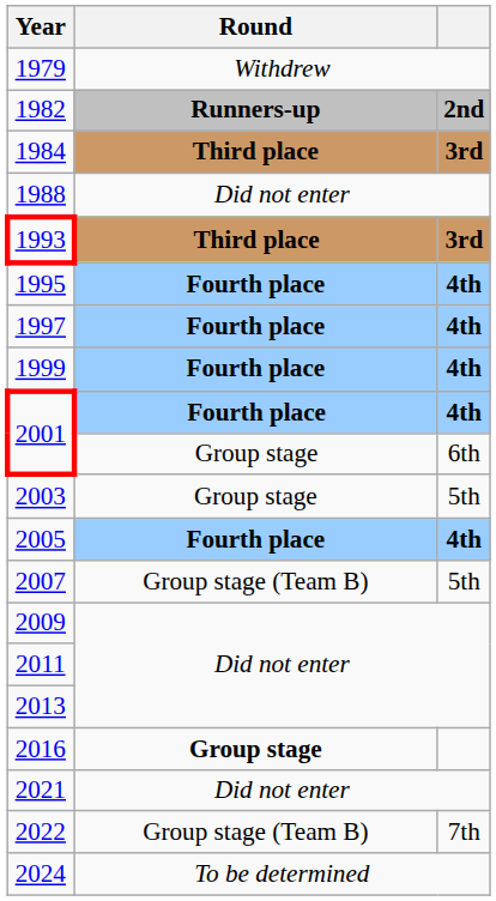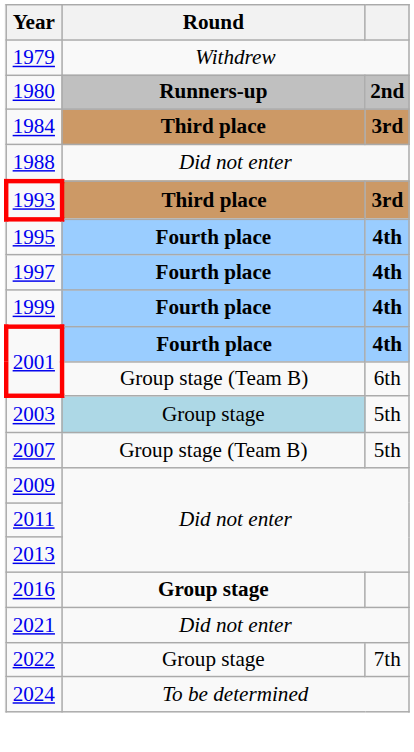 <table class="wikitable" style="text-align: center; font-size:90%">
 <tr>
 <th>Year</th>
 <th style="width:200px">Round</th>
 <th></th>
 </tr>
 <tr>
 <td><a href='#'>1979</a></td>
 <td colspan="2"><em>Withdrew</em></td>
 </tr>
 <tr>
-<td><a href='#'>1982</a></td>
+<td><a href='#'>1980</a></td>
 <td bgcolor=Silver><strong>Runners-up</strong></td>
 <td bgcolor=Silver><strong>2nd</strong></td>
 </tr>
 <tr>
 <td><a href='#'>1984</a></td>
 <td bgcolor="cc9966"><strong>Third place</strong></td>
 <td bgcolor="cc9966"><strong>3rd</strong></td>
 </tr>
 <tr>
 <td><a href='#'>1988</a></td>
 <td colspan="2"><em>Did not enter</em></td>
 </tr>
 <tr>
 <td style="border: 3px solid red"><a href='#'>1993</a></td>
 <td bgcolor="cc9966"><strong>Third place</strong></td>
 <td bgcolor="cc9966"><strong>3rd</strong></td>
 </tr>
 <tr>
 <td><a href='#'>1995</a></td>
 <td bgcolor="9acdff"><strong>Fourth place</strong></td>
 <td bgcolor="9acdff"><strong>4th</strong></td>
 </tr>
 <tr>
 <td><a href='#'>1997</a></td>
 <td bgcolor="9acdff"><strong>Fourth place</strong></td>
 <td bgcolor="9acdff"><strong>4th</strong></td>
 </tr>
 <tr>
 <td><a href='#'>1999</a></td>
 <td bgcolor="9acdff"><strong>Fourth place</strong></td>
 <td bgcolor="9acdff"><strong>4th</strong></td>
 </tr>
 <tr>
 <td rowspan="2" style="border: 3px solid red"><a href='#'>2001</a></td>
 <td bgcolor="9acdff"><strong>Fourth place</strong></td>
 <td bgcolor="9acdff"><strong>4th</strong></td>
 </tr>
 <tr>
-<td>Group stage</td>
+<td>Group stage (Team B)</td>
 <td>6th</td>
 </tr>
 <tr>
 <td><a href='#'>2003</a></td>
-<td>Group stage</td>
+<td style="background: lightblue;">Group stage</td>
 <td>5th</td>
-</tr>
-<tr>
-<td><a href='#'>2005</a></td>
-<td bgcolor="9acdff"><strong>Fourth place</strong></td>
-<td bgcolor="9acdff"><strong>4th</strong></td>
 </tr>
 <tr>
 <td><a href='#'>2007</a></td>
 <td>Group stage (Team B)</td>
 <td>5th</td>
 </tr>
 <tr>
 <td><a href='#'>2009</a></td>
 <td colspan="2" rowspan="3"><em>Did not enter</em></td>
 </tr>
 <tr>
 <td><a href='#'>2011</a></td>
 </tr>
 <tr>
 <td><a href='#'>2013</a></td>
 </tr>
 <tr>
 <td><a href='#'>2016</a></td>
 <td><strong>Group stage</strong></td>
 <td></td>
 </tr>
 <tr>
 <td><a href='#'>2021</a></td>
 <td colspan="2"><em>Did not enter</em></td>
 </tr>
 <tr>
 <td><a href='#'>2022</a></td>
-<td>Group stage (Team B)</td>
+<td>Group stage</td>
 <td>7th</td>
 </tr>
 <tr>
 <td><a href='#'>2024</a></td>
 <td colspan="2"><em>To be determined</em></td>
 </tr>
 </table>
